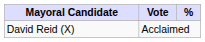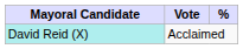 <table class="wikitable">
 <tr>
 <th style="background:#ddf; width:200px;">Mayoral Candidate</th>
 <th style="background:#ddf; width:50px;">Vote</th>
 <th style="background:#ddf; width:30px;">%</th>
 </tr>
 <tr>
-<td>David Reid (X)</td>
+<td style="background: paleturquoise;">David Reid (X)</td>
 <td colspan="2">Acclaimed</td>
 </tr>
 </table>
